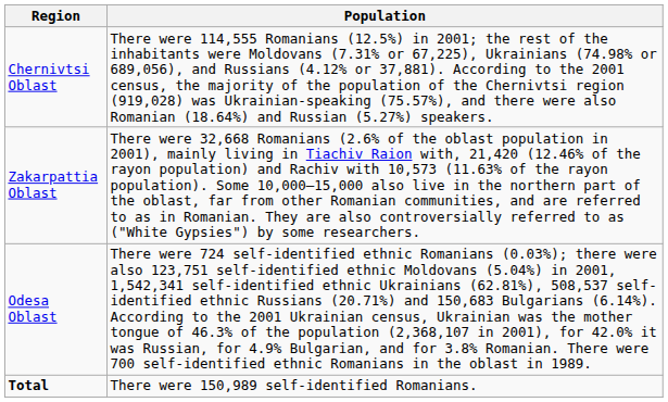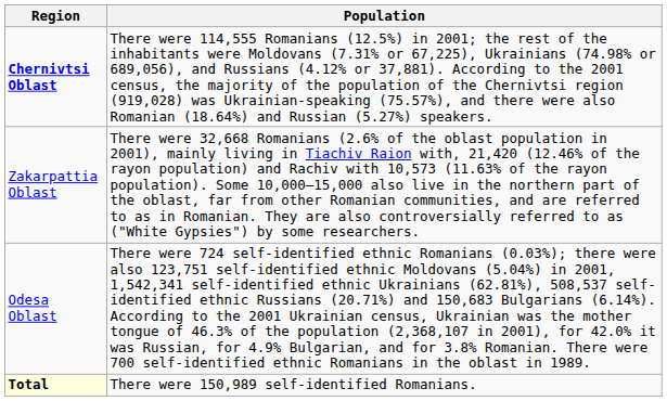 <table class="wikitable" width=50%>
 <tr>
 <th>Region</th>
 <th>Population</th>
 </tr>
 <tr>
-<td><a href='#'>Chernivtsi Oblast</a></td>
+<td><strong><a href='#'>Chernivtsi Oblast</a></strong></td>
 <td>There were 114,555 Romanians (12.5%) in 2001; the rest of the inhabitants were Moldovans (7.31% or 67,225), Ukrainians (74.98% or 689,056), and Russians (4.12% or 37,881). According to the 2001 census, the majority of the population of the Chernivtsi region (919,028) was Ukrainian-speaking (75.57%), and there were also Romanian (18.64%) and Russian (5.27%) speakers.</td>
 </tr>
 <tr>
 <td><a href='#'>Zakarpattia Oblast</a></td>
 <td>There were 32,668 Romanians (2.6% of the oblast population in 2001), mainly living in <a href='#'>Tiachiv Raion</a> with, 21,420 (12.46% of the rayon population) and Rachiv with 10,573 (11.63% of the rayon population). Some 10,000–15,000 also live in the northern part of the oblast, far from other Romanian communities, and are referred to as  in Romanian. They are also controversially referred to as  ("White Gypsies") by some researchers.</td>
 </tr>
 <tr>
 <td><a href='#'>Odesa Oblast</a></td>
 <td>There were 724 self-identified ethnic Romanians (0.03%); there were also 123,751 self-identified ethnic Moldovans (5.04%) in 2001, 1,542,341 self-identified ethnic Ukrainians (62.81%), 508,537 self-identified ethnic Russians (20.71%) and 150,683 Bulgarians (6.14%). According to the 2001 Ukrainian census, Ukrainian was the mother tongue of 46.3% of the population (2,368,107 in 2001), for 42.0% it was Russian, for 4.9% Bulgarian, and for 3.8% Romanian. There were 700 self-identified ethnic Romanians in the oblast in 1989.</td>
 </tr>
 <tr>
-<td><strong>Total</strong></td>
+<td style="background: lightyellow;"><strong>Total</strong></td>
 <td>There were 150,989 self-identified Romanians.</td>
 </tr>
 </table>
